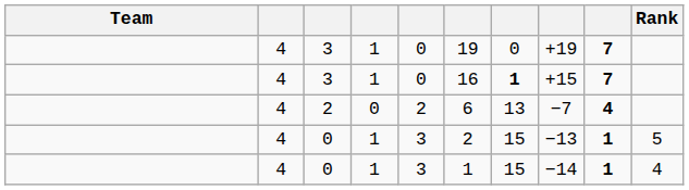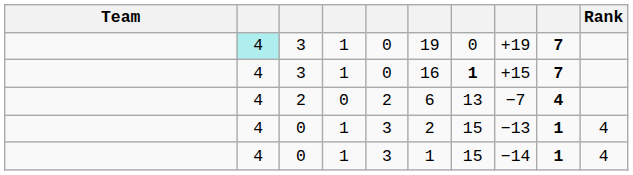 <table class="wikitable" style="text-align: center; font-size:90% ">
 <tr>
 <th width=160>Team</th>
 <th width=25></th>
 <th width=25></th>
 <th width=25></th>
 <th width=25></th>
 <th width=25></th>
 <th width=25></th>
 <th width=25></th>
 <th width=25></th>
 <th width=25>Rank</th>
 </tr>
 <tr>
 <td align=left></td>
-<td>4</td>
+<td style="background: paleturquoise;">4</td>
 <td>3</td>
 <td>1</td>
 <td>0</td>
 <td>19</td>
 <td>0</td>
 <td>+19</td>
 <td><strong>7</strong></td>
 <td></td>
 </tr>
 <tr>
 <td align=left></td>
 <td>4</td>
 <td>3</td>
 <td>1</td>
 <td>0</td>
 <td>16</td>
 <td><strong>1</strong></td>
 <td>+15</td>
 <td><strong>7</strong></td>
 <td></td>
 </tr>
 <tr>
 <td align=left></td>
 <td>4</td>
 <td>2</td>
 <td>0</td>
 <td>2</td>
 <td>6</td>
 <td>13</td>
 <td>−7</td>
 <td><strong>4</strong></td>
 <td></td>
 </tr>
 <tr>
 <td align=left></td>
 <td>4</td>
 <td>0</td>
 <td>1</td>
 <td>3</td>
 <td>2</td>
 <td>15</td>
 <td>−13</td>
 <td><strong>1</strong></td>
-<td>5</td>
+<td>4</td>
 </tr>
 <tr>
 <td align=left></td>
 <td>4</td>
 <td>0</td>
 <td>1</td>
 <td>3</td>
 <td>1</td>
 <td>15</td>
 <td>−14</td>
 <td><strong>1</strong></td>
 <td>4</td>
 </tr>
 </table>
